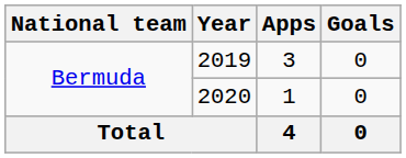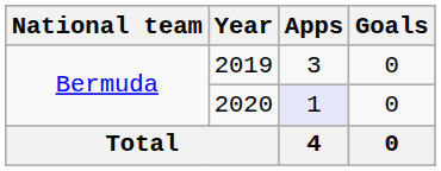 <table class="wikitable" style="text-align:center">
 <tr>
 <th>National team</th>
 <th>Year</th>
 <th>Apps</th>
 <th>Goals</th>
 </tr>
 <tr>
 <td rowspan="2"><a href='#'>Bermuda</a></td>
 <td>2019</td>
 <td>3</td>
 <td>0</td>
 </tr>
 <tr>
 <td>2020</td>
-<td>1</td>
+<td style="background: lavender;">1</td>
 <td>0</td>
 </tr>
 <tr>
 <th colspan=2>Total</th>
 <th>4</th>
 <th>0</th>
 </tr>
 </table>
